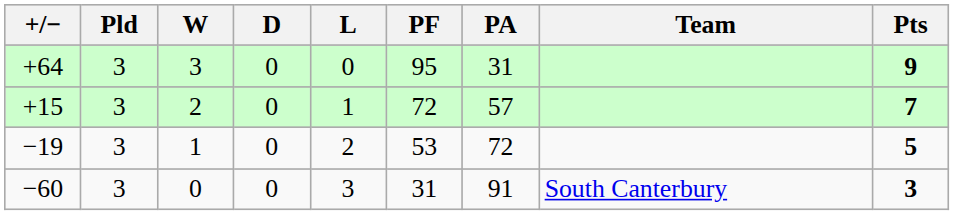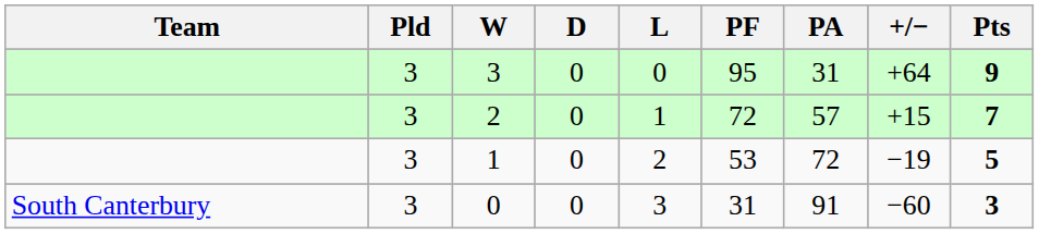 <table class="wikitable" style="text-align:center">
 <tr>
-<th width="40">+/−</th>
+<th width="200">Team</th>
 <th width="40">Pld</th>
 <th width="40">W</th>
 <th width="40">D</th>
 <th width="40">L</th>
 <th width="40">PF</th>
 <th width="40">PA</th>
-<th width="200">Team</th>
+<th width="40">+/−</th>
 <th width="40">Pts</th>
 </tr>
 <tr style="background:#cfc">
-<td>+64</td>
+<td align=left></td>
 <td>3</td>
 <td>3</td>
 <td>0</td>
 <td>0</td>
 <td>95</td>
 <td>31</td>
-<td align=left></td>
+<td>+64</td>
 <td><strong>9</strong></td>
 </tr>
 <tr style="background:#cfc">
-<td>+15</td>
+<td align=left></td>
 <td>3</td>
 <td>2</td>
 <td>0</td>
 <td>1</td>
 <td>72</td>
 <td>57</td>
-<td align=left></td>
+<td>+15</td>
 <td><strong>7</strong></td>
 </tr>
 <tr>
-<td>−19</td>
+<td align=left></td>
 <td>3</td>
 <td>1</td>
 <td>0</td>
 <td>2</td>
 <td>53</td>
 <td>72</td>
-<td align=left></td>
+<td>−19</td>
 <td><strong>5</strong></td>
 </tr>
 <tr>
-<td>−60</td>
+<td align=left><a href='#'>South Canterbury</a></td>
 <td>3</td>
 <td>0</td>
 <td>0</td>
 <td>3</td>
 <td>31</td>
 <td>91</td>
-<td align=left><a href='#'>South Canterbury</a></td>
+<td>−60</td>
 <td><strong>3</strong></td>
 </tr>
 </table>
